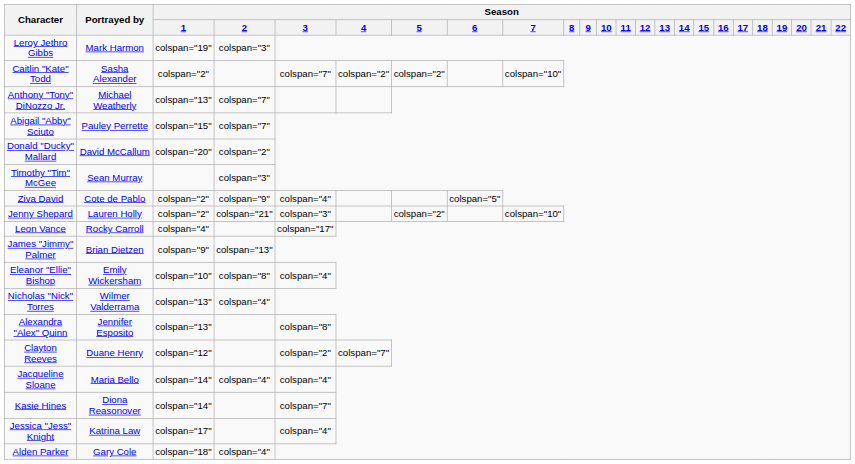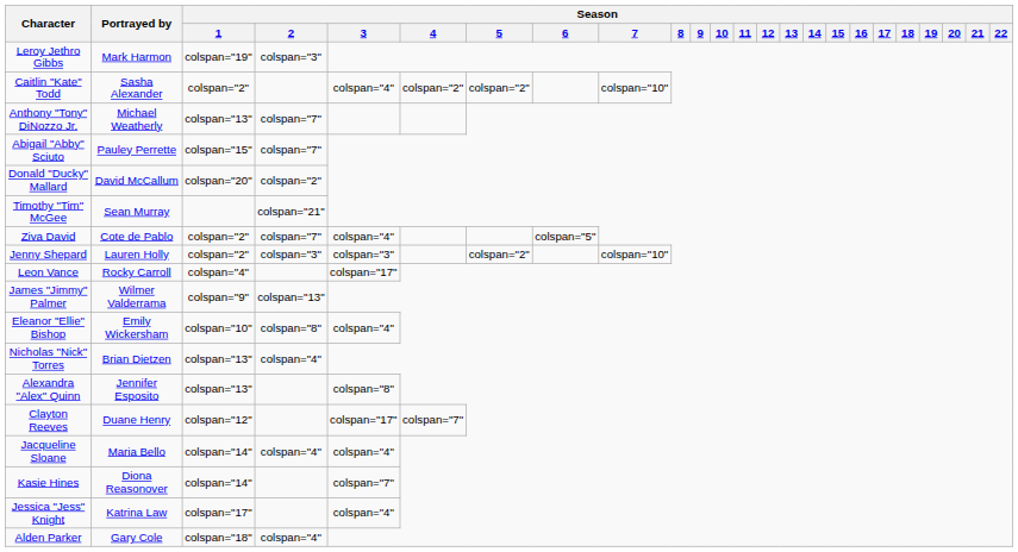 <table class="wikitable plainrowheaders" style="text-align:center; font-size:90%; width:100%">
 <tr>
 <th scope="col" rowspan="2" style="width:12%;">Character</th>
 <th scope="col" rowspan="2" style="width:12%;">Portrayed by</th>
 <th scope="col" colspan="22" style="width:76%;">Season</th>
 </tr>
 <tr>
 <th scope="col" style="width:3%;"><a href='#'>1</a></th>
 <th scope="col" style="width:3%;"><a href='#'>2</a></th>
 <th scope="col" style="width:3%;"><a href='#'>3</a></th>
 <th scope="col" style="width:3%;"><a href='#'>4</a></th>
 <th scope="col" style="width:3%;"><a href='#'>5</a></th>
 <th scope="col" style="width:3%;"><a href='#'>6</a></th>
 <th scope="col" style="width:3%;"><a href='#'>7</a></th>
 <th scope="col" style="width:3%;"><a href='#'>8</a></th>
 <th scope="col" style="width:3%;"><a href='#'>9</a></th>
 <th scope="col" style="width:3%;"><a href='#'>10</a></th>
 <th scope="col" style="width:3%;"><a href='#'>11</a></th>
 <th scope="col" style="width:3%;"><a href='#'>12</a></th>
 <th scope="col" style="width:3%;"><a href='#'>13</a></th>
 <th scope="col" style="width:3%;"><a href='#'>14</a></th>
 <th scope="col" style="width:3%;"><a href='#'>15</a></th>
 <th scope="col" style="width:3%;"><a href='#'>16</a></th>
 <th scope="col" style="width:3%;"><a href='#'>17</a></th>
 <th scope="col" style="width:3%;"><a href='#'>18</a></th>
 <th scope="col" style="width:3%;"><a href='#'>19</a></th>
 <th scope="col" style="width:3%;"><a href='#'>20</a></th>
 <th scope="col" style="width:3%;"><a href='#'>21</a></th>
 <th scope="col" style="width:3%;"><a href='#'>22</a></th>
 </tr>
 <tr>
 <td scope="row"><a href='#'>Leroy Jethro Gibbs</a></td>
 <td><a href='#'>Mark Harmon</a></td>
 <td>colspan="19" </td>
 <td>colspan="3" </td>
 </tr>
 <tr>
 <td scope="row"><a href='#'>Caitlin "Kate" Todd</a></td>
 <td><a href='#'>Sasha Alexander</a></td>
 <td>colspan="2" </td>
 <td></td>
-<td>colspan="7" </td>
+<td>colspan="4" </td>
 <td>colspan="2" </td>
 <td>colspan="2" </td>
 <td></td>
 <td>colspan="10" </td>
 </tr>
 <tr>
 <td scope="row"><a href='#'>Anthony "Tony" DiNozzo Jr.</a></td>
 <td><a href='#'>Michael Weatherly</a></td>
 <td>colspan="13" </td>
 <td>colspan="7" </td>
 <td></td>
 <td></td>
 </tr>
 <tr>
 <td scope="row"><a href='#'>Abigail "Abby" Sciuto</a></td>
 <td><a href='#'>Pauley Perrette</a></td>
 <td>colspan="15" </td>
 <td>colspan="7" </td>
 </tr>
 <tr>
 <td scope="row"><a href='#'>Donald "Ducky" Mallard</a></td>
 <td><a href='#'>David McCallum</a></td>
 <td>colspan="20" </td>
 <td>colspan="2" </td>
 </tr>
 <tr>
 <td scope="row"><a href='#'>Timothy "Tim" McGee</a></td>
 <td><a href='#'>Sean Murray</a></td>
 <td></td>
-<td>colspan="3" </td>
+<td>colspan="21" </td>
 </tr>
 <tr>
 <td scope="row"><a href='#'>Ziva David</a></td>
 <td><a href='#'>Cote de Pablo</a></td>
 <td>colspan="2" </td>
-<td>colspan="9" </td>
+<td>colspan="7" </td>
 <td>colspan="4" </td>
 <td></td>
 <td></td>
 <td>colspan="5" </td>
 </tr>
 <tr>
 <td scope="row"><a href='#'>Jenny Shepard</a></td>
 <td><a href='#'>Lauren Holly</a></td>
 <td>colspan="2" </td>
-<td>colspan="21" </td>
+<td>colspan="3" </td>
 <td>colspan="3" </td>
 <td></td>
 <td>colspan="2" </td>
 <td></td>
 <td>colspan="10" </td>
 </tr>
 <tr>
 <td scope="row"><a href='#'>Leon Vance</a></td>
 <td><a href='#'>Rocky Carroll</a></td>
 <td>colspan="4" </td>
 <td></td>
 <td>colspan="17" </td>
 </tr>
 <tr>
 <td scope="row"><a href='#'>James "Jimmy" Palmer</a></td>
-<td><a href='#'>Brian Dietzen</a></td>
+<td><a href='#'>Wilmer Valderrama</a></td>
 <td>colspan="9" </td>
 <td>colspan="13" </td>
 </tr>
 <tr>
 <td scope="row"><a href='#'>Eleanor "Ellie" Bishop</a></td>
 <td><a href='#'>Emily Wickersham</a></td>
 <td>colspan="10" </td>
 <td>colspan="8" </td>
 <td>colspan="4" </td>
 </tr>
 <tr>
 <td scope="row"><a href='#'>Nicholas "Nick" Torres</a></td>
-<td><a href='#'>Wilmer Valderrama</a></td>
+<td><a href='#'>Brian Dietzen</a></td>
 <td>colspan="13" </td>
 <td>colspan="4" </td>
 </tr>
 <tr>
 <td scope="row"><a href='#'>Alexandra "Alex" Quinn</a></td>
 <td><a href='#'>Jennifer Esposito</a></td>
 <td>colspan="13" </td>
 <td></td>
 <td>colspan="8" </td>
 </tr>
 <tr>
 <td scope="row"><a href='#'>Clayton Reeves</a></td>
 <td><a href='#'>Duane Henry</a></td>
 <td>colspan="12" </td>
 <td></td>
-<td>colspan="2" </td>
+<td>colspan="17" </td>
 <td>colspan="7" </td>
 </tr>
 <tr>
 <td scope="row"><a href='#'>Jacqueline Sloane</a></td>
 <td><a href='#'>Maria Bello</a></td>
 <td>colspan="14" </td>
 <td>colspan="4" </td>
 <td>colspan="4" </td>
 </tr>
 <tr>
 <td scope="row"><a href='#'>Kasie Hines</a></td>
 <td><a href='#'>Diona Reasonover</a></td>
 <td>colspan="14" </td>
 <td></td>
 <td>colspan="7" </td>
 </tr>
 <tr>
 <td scope="row"><a href='#'>Jessica "Jess" Knight</a></td>
 <td><a href='#'>Katrina Law</a></td>
 <td>colspan="17" </td>
 <td></td>
 <td>colspan="4" </td>
 </tr>
 <tr>
 <td scope="row"><a href='#'>Alden Parker</a></td>
 <td><a href='#'>Gary Cole</a></td>
 <td>colspan="18" </td>
 <td>colspan="4" </td>
 </tr>
 </table>
